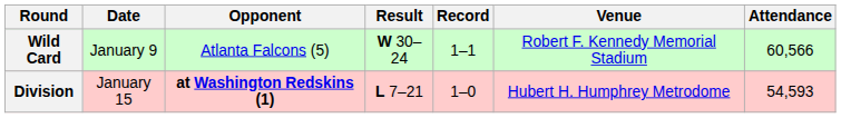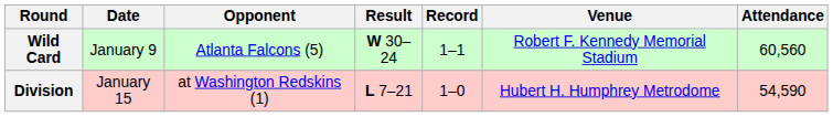 <table class="wikitable" style="text-align:center">
 <tr>
 <th>Round</th>
 <th>Date</th>
 <th>Opponent</th>
 <th>Result</th>
 <th>Record</th>
 <th>Venue</th>
 <th>Attendance</th>
 </tr>
 <tr style="background:#cfc">
 <th>Wild Card</th>
 <td>January 9</td>
 <td><a href='#'>Atlanta Falcons</a> (5)</td>
 <td><strong>W</strong> 30–24</td>
 <td>1–1</td>
 <td><a href='#'>Robert F. Kennedy Memorial Stadium</a></td>
-<td>60,566</td>
+<td>60,560</td>
 </tr>
 <tr style="background:#fcc">
 <th>Division</th>
 <td>January 15</td>
-<td><strong>at <a href='#'>Washington Redskins</a> (1)</strong></td>
+<td>at <a href='#'>Washington Redskins</a> (1)</td>
 <td><strong>L</strong> 7–21</td>
 <td>1–0</td>
 <td><a href='#'>Hubert H. Humphrey Metrodome</a></td>
-<td>54,593</td>
+<td>54,590</td>
 </tr>
 </table>
